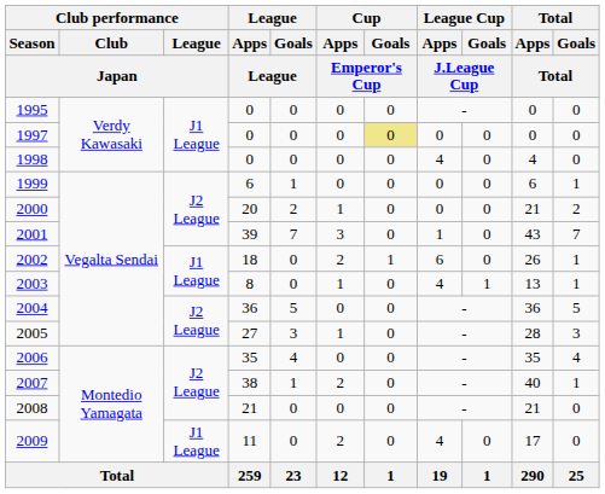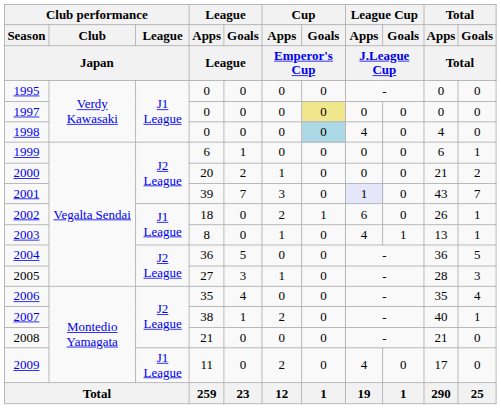 <table class="wikitable" style="text-align:center;">
 <tr>
 <th colspan=3>Club performance</th>
 <th colspan=2>League</th>
 <th colspan=2>Cup</th>
 <th colspan=2>League Cup</th>
 <th colspan=2>Total</th>
 </tr>
 <tr>
 <th>Season</th>
 <th>Club</th>
 <th>League</th>
 <th>Apps</th>
 <th>Goals</th>
 <th>Apps</th>
 <th>Goals</th>
 <th>Apps</th>
 <th>Goals</th>
 <th>Apps</th>
 <th>Goals</th>
 </tr>
 <tr>
 <th colspan=3>Japan</th>
 <th colspan=2>League</th>
 <th colspan=2><a href='#'>Emperor's Cup</a></th>
 <th colspan=2><a href='#'>J.League Cup</a></th>
 <th colspan=2>Total</th>
 </tr>
 <tr>
 <td><a href='#'>1995</a></td>
 <td rowspan="3"><a href='#'>Verdy Kawasaki</a></td>
 <td rowspan="3"><a href='#'>J1 League</a></td>
 <td>0</td>
 <td>0</td>
 <td>0</td>
 <td>0</td>
 <td colspan="2">-</td>
 <td>0</td>
 <td>0</td>
 </tr>
 <tr>
 <td><a href='#'>1997</a></td>
 <td>0</td>
 <td>0</td>
 <td>0</td>
 <td style="background: khaki;">0</td>
 <td>0</td>
 <td>0</td>
 <td>0</td>
 <td>0</td>
 </tr>
 <tr>
 <td><a href='#'>1998</a></td>
 <td>0</td>
 <td>0</td>
 <td>0</td>
-<td>0</td>
+<td style="background: lightblue;">0</td>
 <td>4</td>
 <td>0</td>
 <td>4</td>
 <td>0</td>
 </tr>
 <tr>
 <td><a href='#'>1999</a></td>
 <td rowspan="7"><a href='#'>Vegalta Sendai</a></td>
 <td rowspan="3"><a href='#'>J2 League</a></td>
 <td>6</td>
 <td>1</td>
 <td>0</td>
 <td>0</td>
 <td>0</td>
 <td>0</td>
 <td>6</td>
 <td>1</td>
 </tr>
 <tr>
 <td><a href='#'>2000</a></td>
 <td>20</td>
 <td>2</td>
 <td>1</td>
 <td>0</td>
 <td>0</td>
 <td>0</td>
 <td>21</td>
 <td>2</td>
 </tr>
 <tr>
 <td><a href='#'>2001</a></td>
 <td>39</td>
 <td>7</td>
 <td>3</td>
 <td>0</td>
-<td>1</td>
+<td style="background: lavender;">1</td>
 <td>0</td>
 <td>43</td>
 <td>7</td>
 </tr>
 <tr>
 <td><a href='#'>2002</a></td>
 <td rowspan="2"><a href='#'>J1 League</a></td>
 <td>18</td>
 <td>0</td>
 <td>2</td>
 <td>1</td>
 <td>6</td>
 <td>0</td>
 <td>26</td>
 <td>1</td>
 </tr>
 <tr>
 <td><a href='#'>2003</a></td>
 <td>8</td>
 <td>0</td>
 <td>1</td>
 <td>0</td>
 <td>4</td>
 <td>1</td>
 <td>13</td>
 <td>1</td>
 </tr>
 <tr>
 <td><a href='#'>2004</a></td>
 <td rowspan="2"><a href='#'>J2 League</a></td>
 <td>36</td>
 <td>5</td>
 <td>0</td>
 <td>0</td>
 <td colspan="2">-</td>
 <td>36</td>
 <td>5</td>
 </tr>
 <tr>
 <td>2005</td>
 <td>27</td>
 <td>3</td>
 <td>1</td>
 <td>0</td>
 <td colspan="2">-</td>
 <td>28</td>
 <td>3</td>
 </tr>
 <tr>
 <td><a href='#'>2006</a></td>
 <td rowspan="4"><a href='#'>Montedio Yamagata</a></td>
 <td rowspan="3"><a href='#'>J2 League</a></td>
 <td>35</td>
 <td>4</td>
 <td>0</td>
 <td>0</td>
 <td colspan="2">-</td>
 <td>35</td>
 <td>4</td>
 </tr>
 <tr>
 <td><a href='#'>2007</a></td>
 <td>38</td>
 <td>1</td>
 <td>2</td>
 <td>0</td>
 <td colspan="2">-</td>
 <td>40</td>
 <td>1</td>
 </tr>
 <tr>
 <td>2008</td>
 <td>21</td>
 <td>0</td>
 <td>0</td>
 <td>0</td>
 <td colspan="2">-</td>
 <td>21</td>
 <td>0</td>
 </tr>
 <tr>
 <td><a href='#'>2009</a></td>
 <td><a href='#'>J1 League</a></td>
 <td>11</td>
 <td>0</td>
 <td>2</td>
 <td>0</td>
 <td>4</td>
 <td>0</td>
 <td>17</td>
 <td>0</td>
 </tr>
 <tr>
 <th colspan=3>Total</th>
 <th>259</th>
 <th>23</th>
 <th>12</th>
 <th>1</th>
 <th>19</th>
 <th>1</th>
 <th>290</th>
 <th>25</th>
 </tr>
 </table>
